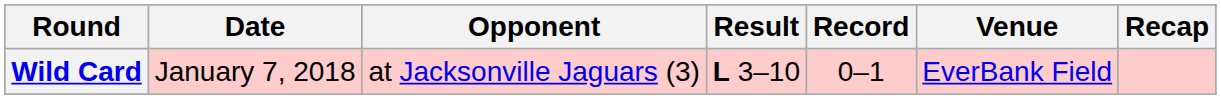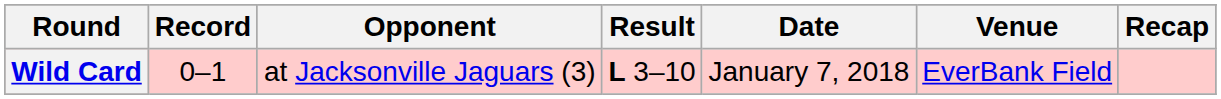 <table class="wikitable" style="text-align:center">
 <tr>
 <th>Round</th>
-<th>Date</th>
+<th>Record</th>
 <th>Opponent</th>
 <th>Result</th>
-<th>Record</th>
+<th>Date</th>
 <th>Venue</th>
 <th>Recap</th>
 </tr>
 <tr style="background:#fcc">
 <th><a href='#'>Wild Card</a></th>
-<td>January 7, 2018</td>
+<td>0–1</td>
 <td>at <a href='#'>Jacksonville Jaguars</a> (3)</td>
 <td><strong>L</strong> 3–10</td>
-<td>0–1</td>
+<td>January 7, 2018</td>
 <td><a href='#'>EverBank Field</a></td>
 <td></td>
 </tr>
 </table>
